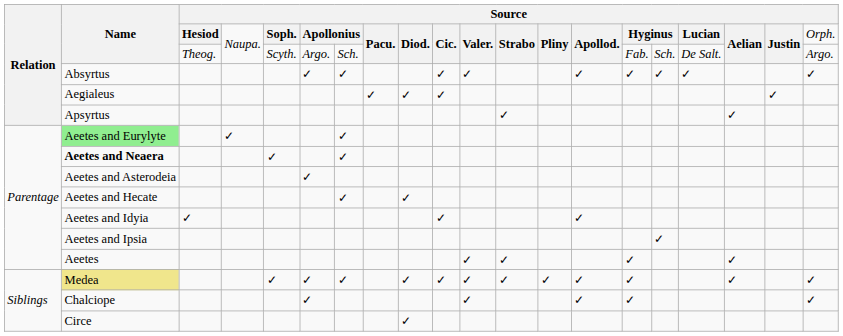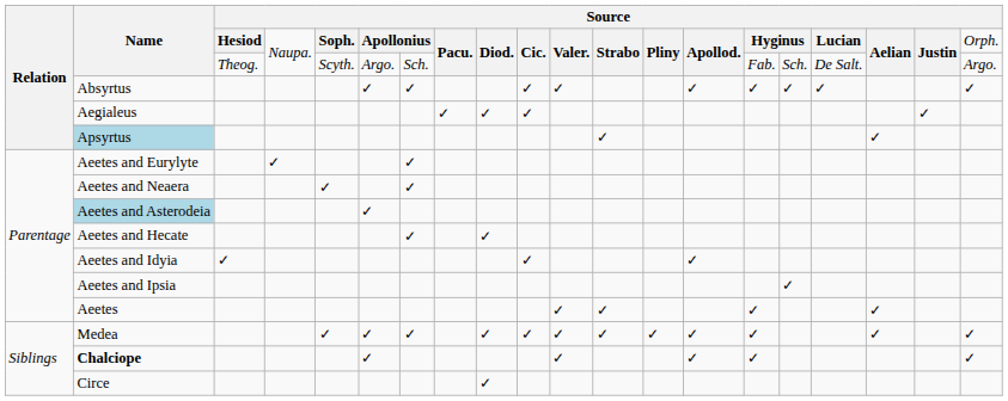 <table class="wikitable">
 <tr>
 <th rowspan="6">Relation</th>
 <th rowspan="3">Name</th>
 <th colspan="18">Source</th>
 </tr>
 <tr>
 <th>Hesiod</th>
 <td rowspan="2"><em>Naupa.</em></td>
 <th>Soph.</th>
 <th colspan="2">Apollonius</th>
 <th rowspan="2">Pacu.</th>
 <th rowspan="2">Diod.</th>
 <th rowspan="2">Cic.</th>
 <th rowspan="2">Valer.</th>
 <th rowspan="2">Strabo</th>
 <th rowspan="2">Pliny</th>
 <th rowspan="2">Apollod.</th>
 <th colspan="2">Hyginus</th>
 <th>Lucian</th>
 <th rowspan="2">Aelian</th>
 <th rowspan="2">Justin</th>
 <td><em>Orph.</em></td>
 </tr>
 <tr>
 <td><em>Theog.</em></td>
 <td><em>Scyth.</em></td>
 <td><em>Argo.</em></td>
 <td><em>Sch.</em></td>
 <td><em>Fab.</em></td>
 <td><em>Sch.</em></td>
 <td><em>De Salt.</em></td>
 <td><em>Argo.</em></td>
 </tr>
 <tr>
 <td>Absyrtus</td>
 <td></td>
 <td></td>
 <td></td>
 <td>✓</td>
 <td>✓</td>
 <td></td>
 <td></td>
 <td>✓</td>
 <td>✓</td>
 <td></td>
 <td></td>
 <td>✓</td>
 <td>✓</td>
 <td>✓</td>
 <td>✓</td>
 <td></td>
 <td></td>
 <td>✓</td>
 </tr>
 <tr>
 <td>Aegialeus</td>
 <td></td>
 <td></td>
 <td></td>
 <td></td>
 <td></td>
 <td>✓</td>
 <td>✓</td>
 <td>✓</td>
 <td></td>
 <td></td>
 <td></td>
 <td></td>
 <td></td>
 <td></td>
 <td></td>
 <td></td>
 <td>✓</td>
 <td></td>
 </tr>
 <tr>
-<td>Apsyrtus</td>
+<td style="background: lightblue;">Apsyrtus</td>
 <td></td>
 <td></td>
 <td></td>
 <td></td>
 <td></td>
 <td></td>
 <td></td>
 <td></td>
 <td></td>
 <td>✓</td>
 <td></td>
 <td></td>
 <td></td>
 <td></td>
 <td></td>
 <td>✓</td>
 <td></td>
 <td></td>
 </tr>
 <tr>
 <td rowspan="7"><em>Parentage</em></td>
-<td style="background: lightgreen;">Aeetes and Eurylyte</td>
+<td>Aeetes and Eurylyte</td>
 <td></td>
 <td>✓</td>
 <td></td>
 <td></td>
 <td>✓</td>
 <td></td>
 <td></td>
 <td></td>
 <td></td>
 <td></td>
 <td></td>
 <td></td>
 <td></td>
 <td></td>
 <td></td>
 <td></td>
 <td></td>
 <td></td>
 </tr>
 <tr>
-<td><strong>Aeetes and Neaera</strong></td>
+<td>Aeetes and Neaera</td>
 <td></td>
 <td></td>
 <td>✓</td>
 <td></td>
 <td>✓</td>
 <td></td>
 <td></td>
 <td></td>
 <td></td>
 <td></td>
 <td></td>
 <td></td>
 <td></td>
 <td></td>
 <td></td>
 <td></td>
 <td></td>
 <td></td>
 </tr>
 <tr>
-<td>Aeetes and Asterodeia</td>
+<td style="background: lightblue;">Aeetes and Asterodeia</td>
 <td></td>
 <td></td>
 <td></td>
 <td>✓</td>
 <td></td>
 <td></td>
 <td></td>
 <td></td>
 <td></td>
 <td></td>
 <td></td>
 <td></td>
 <td></td>
 <td></td>
 <td></td>
 <td></td>
 <td></td>
 <td></td>
 </tr>
 <tr>
 <td>Aeetes and Hecate</td>
 <td></td>
 <td></td>
 <td></td>
 <td></td>
 <td>✓</td>
 <td></td>
 <td>✓</td>
 <td></td>
 <td></td>
 <td></td>
 <td></td>
 <td></td>
 <td></td>
 <td></td>
 <td></td>
 <td></td>
 <td></td>
 <td></td>
 </tr>
 <tr>
 <td>Aeetes and Idyia</td>
 <td>✓</td>
 <td></td>
 <td></td>
 <td></td>
 <td></td>
 <td></td>
 <td></td>
 <td>✓</td>
 <td></td>
 <td></td>
 <td></td>
 <td>✓</td>
 <td></td>
 <td></td>
 <td></td>
 <td></td>
 <td></td>
 <td></td>
 </tr>
 <tr>
 <td>Aeetes and Ipsia</td>
 <td></td>
 <td></td>
 <td></td>
 <td></td>
 <td></td>
 <td></td>
 <td></td>
 <td></td>
 <td></td>
 <td></td>
 <td></td>
 <td></td>
 <td></td>
 <td>✓</td>
 <td></td>
 <td></td>
 <td></td>
 <td></td>
 </tr>
 <tr>
 <td>Aeetes</td>
 <td></td>
 <td></td>
 <td></td>
 <td></td>
 <td></td>
 <td></td>
 <td></td>
 <td></td>
 <td>✓</td>
 <td>✓</td>
 <td></td>
 <td></td>
 <td>✓</td>
 <td></td>
 <td></td>
 <td>✓</td>
 <td></td>
 <td></td>
 </tr>
 <tr>
 <td rowspan="3"><em>Siblings</em></td>
-<td style="background: khaki;">Medea</td>
+<td>Medea</td>
 <td></td>
 <td></td>
 <td>✓</td>
 <td>✓</td>
 <td>✓</td>
 <td></td>
 <td>✓</td>
 <td>✓</td>
 <td>✓</td>
 <td>✓</td>
 <td>✓</td>
 <td>✓</td>
 <td>✓</td>
 <td></td>
 <td></td>
 <td>✓</td>
 <td></td>
 <td>✓</td>
 </tr>
 <tr>
-<td>Chalciope</td>
+<td><strong>Chalciope</strong></td>
 <td></td>
 <td></td>
 <td></td>
 <td>✓</td>
 <td></td>
 <td></td>
 <td></td>
 <td></td>
 <td>✓</td>
 <td></td>
 <td></td>
 <td>✓</td>
 <td>✓</td>
 <td></td>
 <td></td>
 <td></td>
 <td></td>
 <td>✓</td>
 </tr>
 <tr>
 <td>Circe</td>
 <td></td>
 <td></td>
 <td></td>
 <td></td>
 <td></td>
 <td></td>
 <td>✓</td>
 <td></td>
 <td></td>
 <td></td>
 <td></td>
 <td></td>
 <td></td>
 <td></td>
 <td></td>
 <td></td>
 <td></td>
 <td></td>
 </tr>
 </table>
